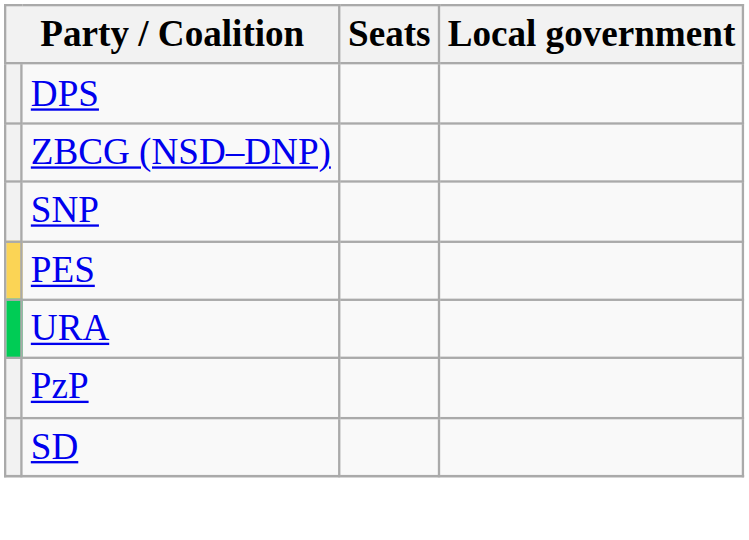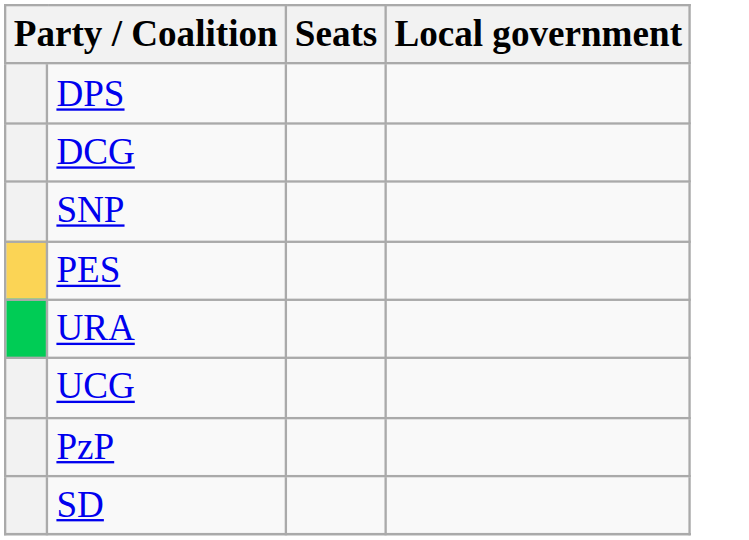 <table class="wikitable" style="text-align:left;">
 <tr>
 <th colspan=2>Party / Coalition</th>
 <th>Seats</th>
 <th>Local government</th>
 </tr>
 <tr>
 <th style="background-color: "></th>
 <td><a href='#'>DPS</a></td>
 <td></td>
 <td></td>
 </tr>
 <tr>
 <th style="background-color: "></th>
-<td><a href='#'>ZBCG (NSD–DNP)</a></td>
+<td><a href='#'>DCG</a></td>
 <td></td>
 <td></td>
 </tr>
 <tr>
 <th style="background-color: "></th>
 <td><a href='#'>SNP</a></td>
 <td></td>
 <td></td>
 </tr>
 <tr>
 <th style="background-color: #FBD455"></th>
 <td><a href='#'>PES</a></td>
 <td></td>
 <td></td>
 </tr>
 <tr>
 <th style="background-color: #00cc55;"></th>
 <td><a href='#'>URA</a></td>
 <td></td>
 <td></td>
 </tr>
 <tr>
+<th style="background-color: "></th>
+<td><a href='#'>UCG</a></td>
+<td></td>
+<td></td>
+</tr>
+<tr>
 <th style="background-color:"></th>
 <td><a href='#'>PzP</a></td>
 <td></td>
 <td></td>
 </tr>
 <tr>
 <th style="background:"></th>
 <td><a href='#'>SD</a></td>
 <td></td>
 <td></td>
 </tr>
 <tr>
 </tr>
 </table>
